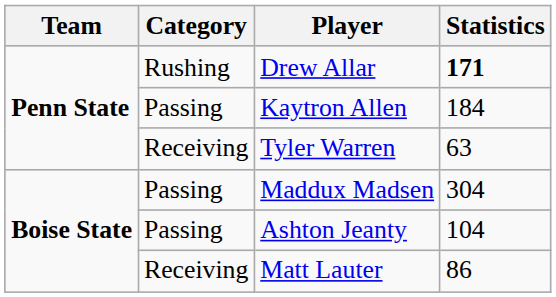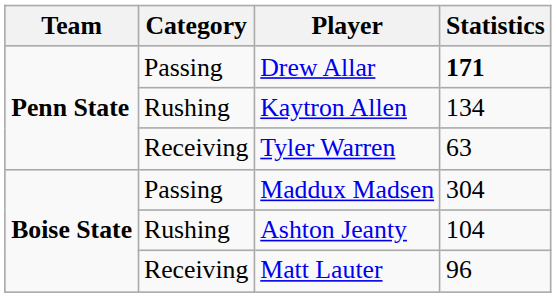 <table class="wikitable" style="float: right;">
 <tr>
 <th>Team</th>
 <th>Category</th>
 <th>Player</th>
 <th>Statistics</th>
 </tr>
 <tr>
 <td rowspan=3><strong>Penn State</strong></td>
-<td>Rushing</td>
+<td>Passing</td>
 <td><a href='#'>Drew Allar</a></td>
 <td><strong>171</strong></td>
 </tr>
 <tr 171>
-<td>Passing</td>
+<td>Rushing</td>
 <td><a href='#'>Kaytron Allen</a></td>
-<td>184</td>
+<td>134</td>
 </tr>
 <tr 216>
 <td>Receiving</td>
 <td><a href='#'>Tyler Warren</a></td>
 <td>63</td>
 </tr>
 <tr>
 <td rowspan=3><strong>Boise State</strong></td>
 <td>Passing</td>
 <td><a href='#'>Maddux Madsen</a></td>
 <td>304</td>
 </tr>
 <tr 304>
-<td>Passing</td>
+<td>Rushing</td>
 <td><a href='#'>Ashton Jeanty</a></td>
 <td>104</td>
 </tr>
 <tr 108>
 <td>Receiving</td>
 <td><a href='#'>Matt Lauter</a></td>
-<td>86</td>
+<td>96</td>
 </tr>
 </table>
